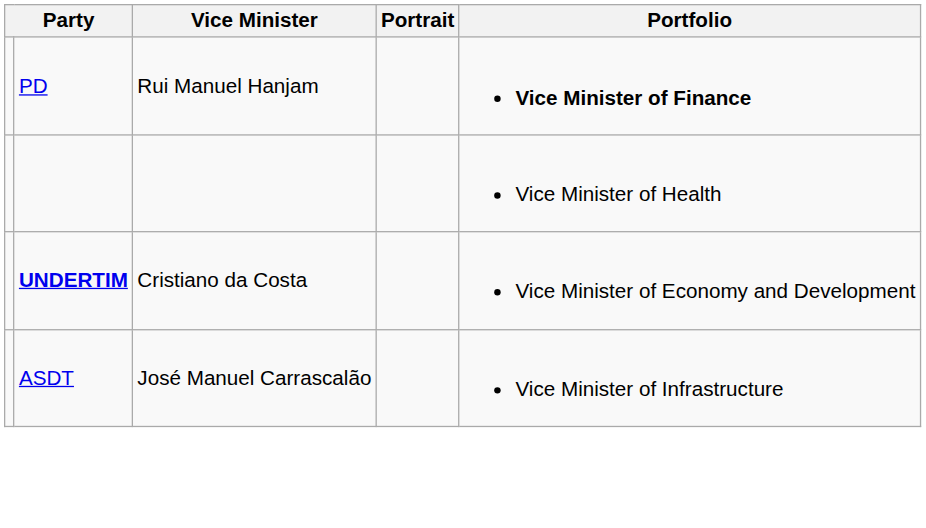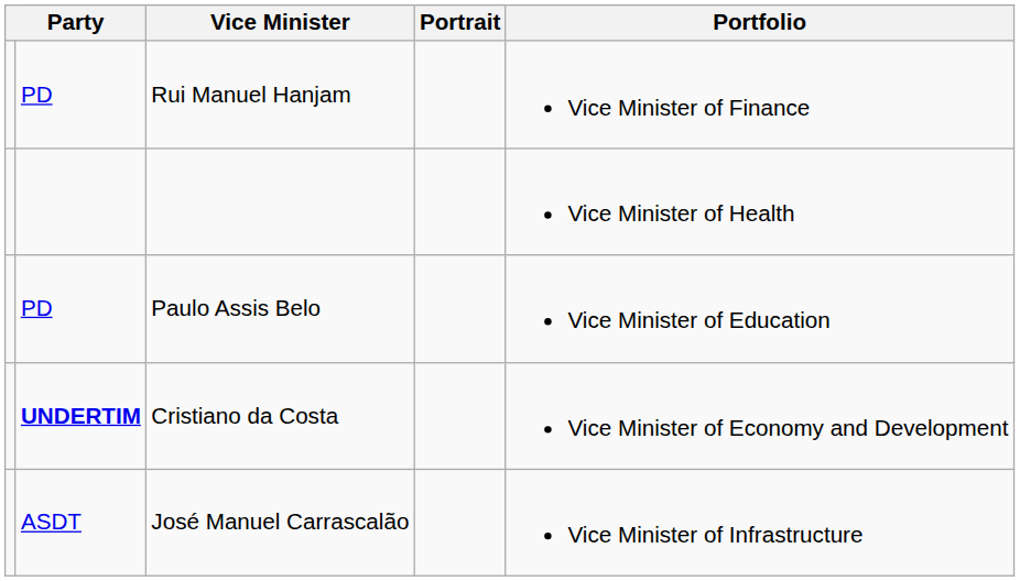 <table class="wikitable sortable">
 <tr>
 <th colspan="2">Party</th>
 <th>Vice Minister</th>
 <th>Portrait</th>
 <th>Portfolio</th>
 </tr>
 <tr>
 <td style="background:"></td>
 <td><a href='#'>PD</a></td>
 <td>Rui Manuel Hanjam</td>
 <td></td>
-<td><strong><br><ul><li>Vice Minister of Finance</li></ul></strong></td>
+<td><br><ul><li>Vice Minister of Finance</li></ul></td>
 </tr>
 <tr>
 <td></td>
 <td></td>
 <td></td>
 <td></td>
 <td><br><ul><li>Vice Minister of Health</li></ul></td>
+</tr>
+<tr>
+<td style="background:"></td>
+<td><a href='#'>PD</a></td>
+<td>Paulo Assis Belo</td>
+<td></td>
+<td><br><ul><li>Vice Minister of Education</li></ul></td>
 </tr>
 <tr>
 <td></td>
 <td><strong><a href='#'>UNDERTIM</a></strong></td>
 <td>Cristiano da Costa</td>
 <td></td>
 <td><br><ul><li>Vice Minister of Economy and Development</li></ul></td>
 </tr>
 <tr>
 <td></td>
 <td><a href='#'>ASDT</a></td>
 <td>José Manuel Carrascalão</td>
 <td></td>
 <td><br><ul><li>Vice Minister of Infrastructure</li></ul></td>
 </tr>
 </table>
